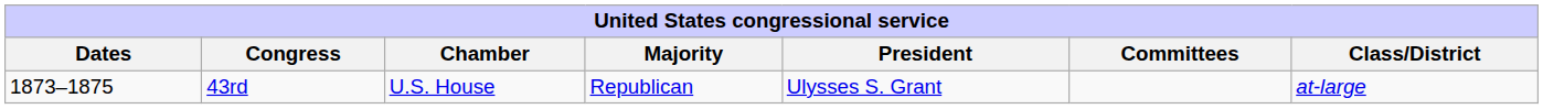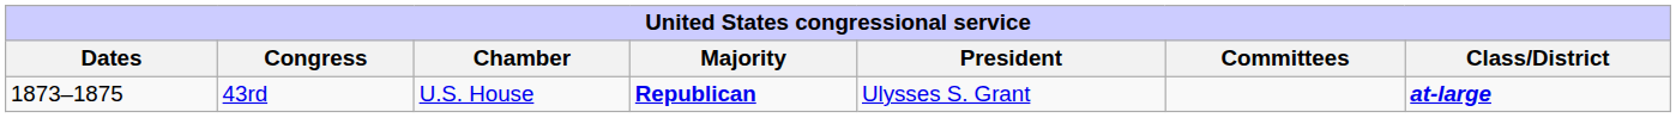 <table class=wikitable style="width: 94%" style="text-align: center;" align="center">
 <tr bgcolor=#cccccc>
 <th colspan=8 style="background: #ccccff;">United States congressional service</th>
 </tr>
 <tr>
 <th><strong>Dates</strong></th>
 <th><strong>Congress</strong></th>
 <th><strong>Chamber</strong></th>
 <th><strong>Majority</strong></th>
 <th><strong>President</strong></th>
 <th><strong>Committees</strong></th>
 <th><strong>Class/District</strong></th>
 </tr>
 <tr>
 <td>1873–1875</td>
 <td><a href='#'>43rd</a></td>
 <td><a href='#'>U.S. House</a></td>
-<td><a href='#'>Republican</a></td>
+<td><strong><a href='#'>Republican</a></strong></td>
 <td><a href='#'>Ulysses S. Grant</a></td>
 <td></td>
-<td><a href='#'><em>at-large</em></a></td>
+<td><strong><a href='#'><em>at-large</em></a></strong></td>
 </tr>
 </table>
